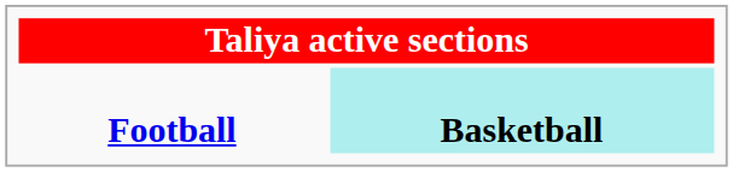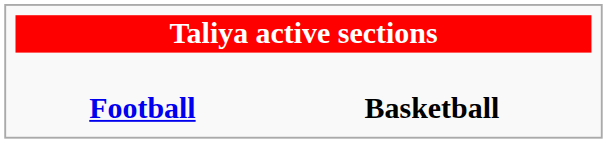 <table class="infobox" style="width: 20em; font-size: 95%em;">
 <tr style="color:white; background:#FF0000; text-align:center;">
 <th colspan="3">Taliya active sections</th>
 </tr>
 <tr style="text-align: center">
 <td><br><strong><a href='#'>Football</a></strong></td>
-<td style="background: paleturquoise;"><br><strong>Basketball</strong></td>
+<td><br><strong>Basketball</strong></td>
 </tr>
 </table>
